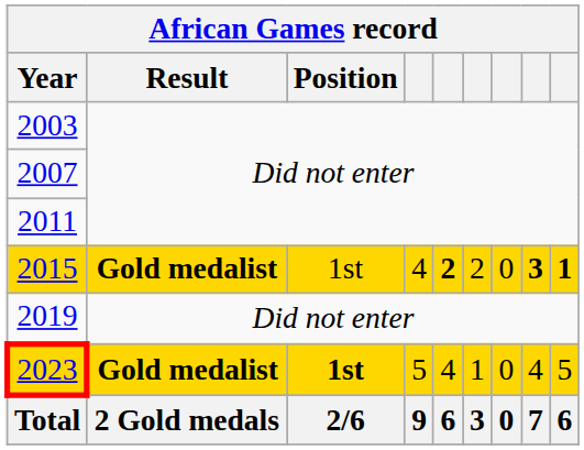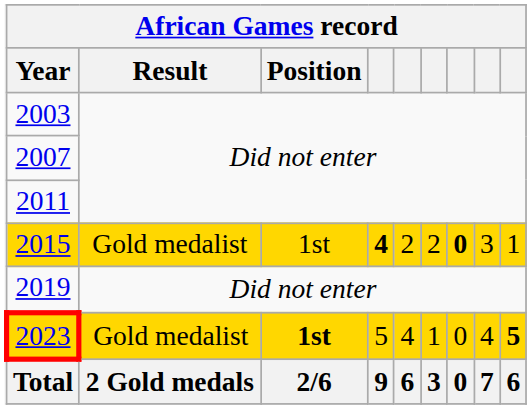 <table class="wikitable" style="text-align: center;">
 <tr>
 <th colspan=9><a href='#'>African Games</a> record</th>
 </tr>
 <tr>
 <th>Year</th>
 <th>Result</th>
 <th>Position</th>
 <th></th>
 <th></th>
 <th></th>
 <th></th>
 <th></th>
 <th></th>
 </tr>
 <tr>
 <td> <a href='#'>2003</a></td>
 <td colspan=9 rowspan=3><em>Did not enter</em></td>
 </tr>
 <tr>
 <td> <a href='#'>2007</a></td>
 </tr>
 <tr>
 <td> <a href='#'>2011</a></td>
 </tr>
 <tr bgcolor=gold>
 <td> <a href='#'>2015</a></td>
-<td><strong>Gold medalist</strong></td>
+<td>Gold medalist</td>
 <td>1st</td>
-<td>4</td>
-<td><strong>2</strong></td>
+<td><strong>4</strong></td>
 <td>2</td>
-<td>0</td>
-<td><strong>3</strong></td>
-<td><strong>1</strong></td>
+<td>2</td>
+<td><strong>0</strong></td>
+<td>3</td>
+<td>1</td>
 </tr>
 <tr>
 <td> <a href='#'>2019</a></td>
 <td colspan=9><em>Did not enter</em></td>
 </tr>
 <tr bgcolor=gold>
 <td style="border: 3px solid red"> <a href='#'>2023</a></td>
-<td><strong>Gold medalist</strong></td>
+<td>Gold medalist</td>
 <td><strong>1st</strong></td>
 <td>5</td>
 <td>4</td>
 <td>1</td>
 <td>0</td>
 <td>4</td>
-<td>5</td>
+<td><strong>5</strong></td>
 </tr>
 <tr>
 <th>Total</th>
 <th>2 Gold medals</th>
 <th>2/6</th>
 <th>9</th>
 <th>6</th>
 <th>3</th>
 <th>0</th>
 <th>7</th>
 <th>6</th>
 </tr>
 </table>
